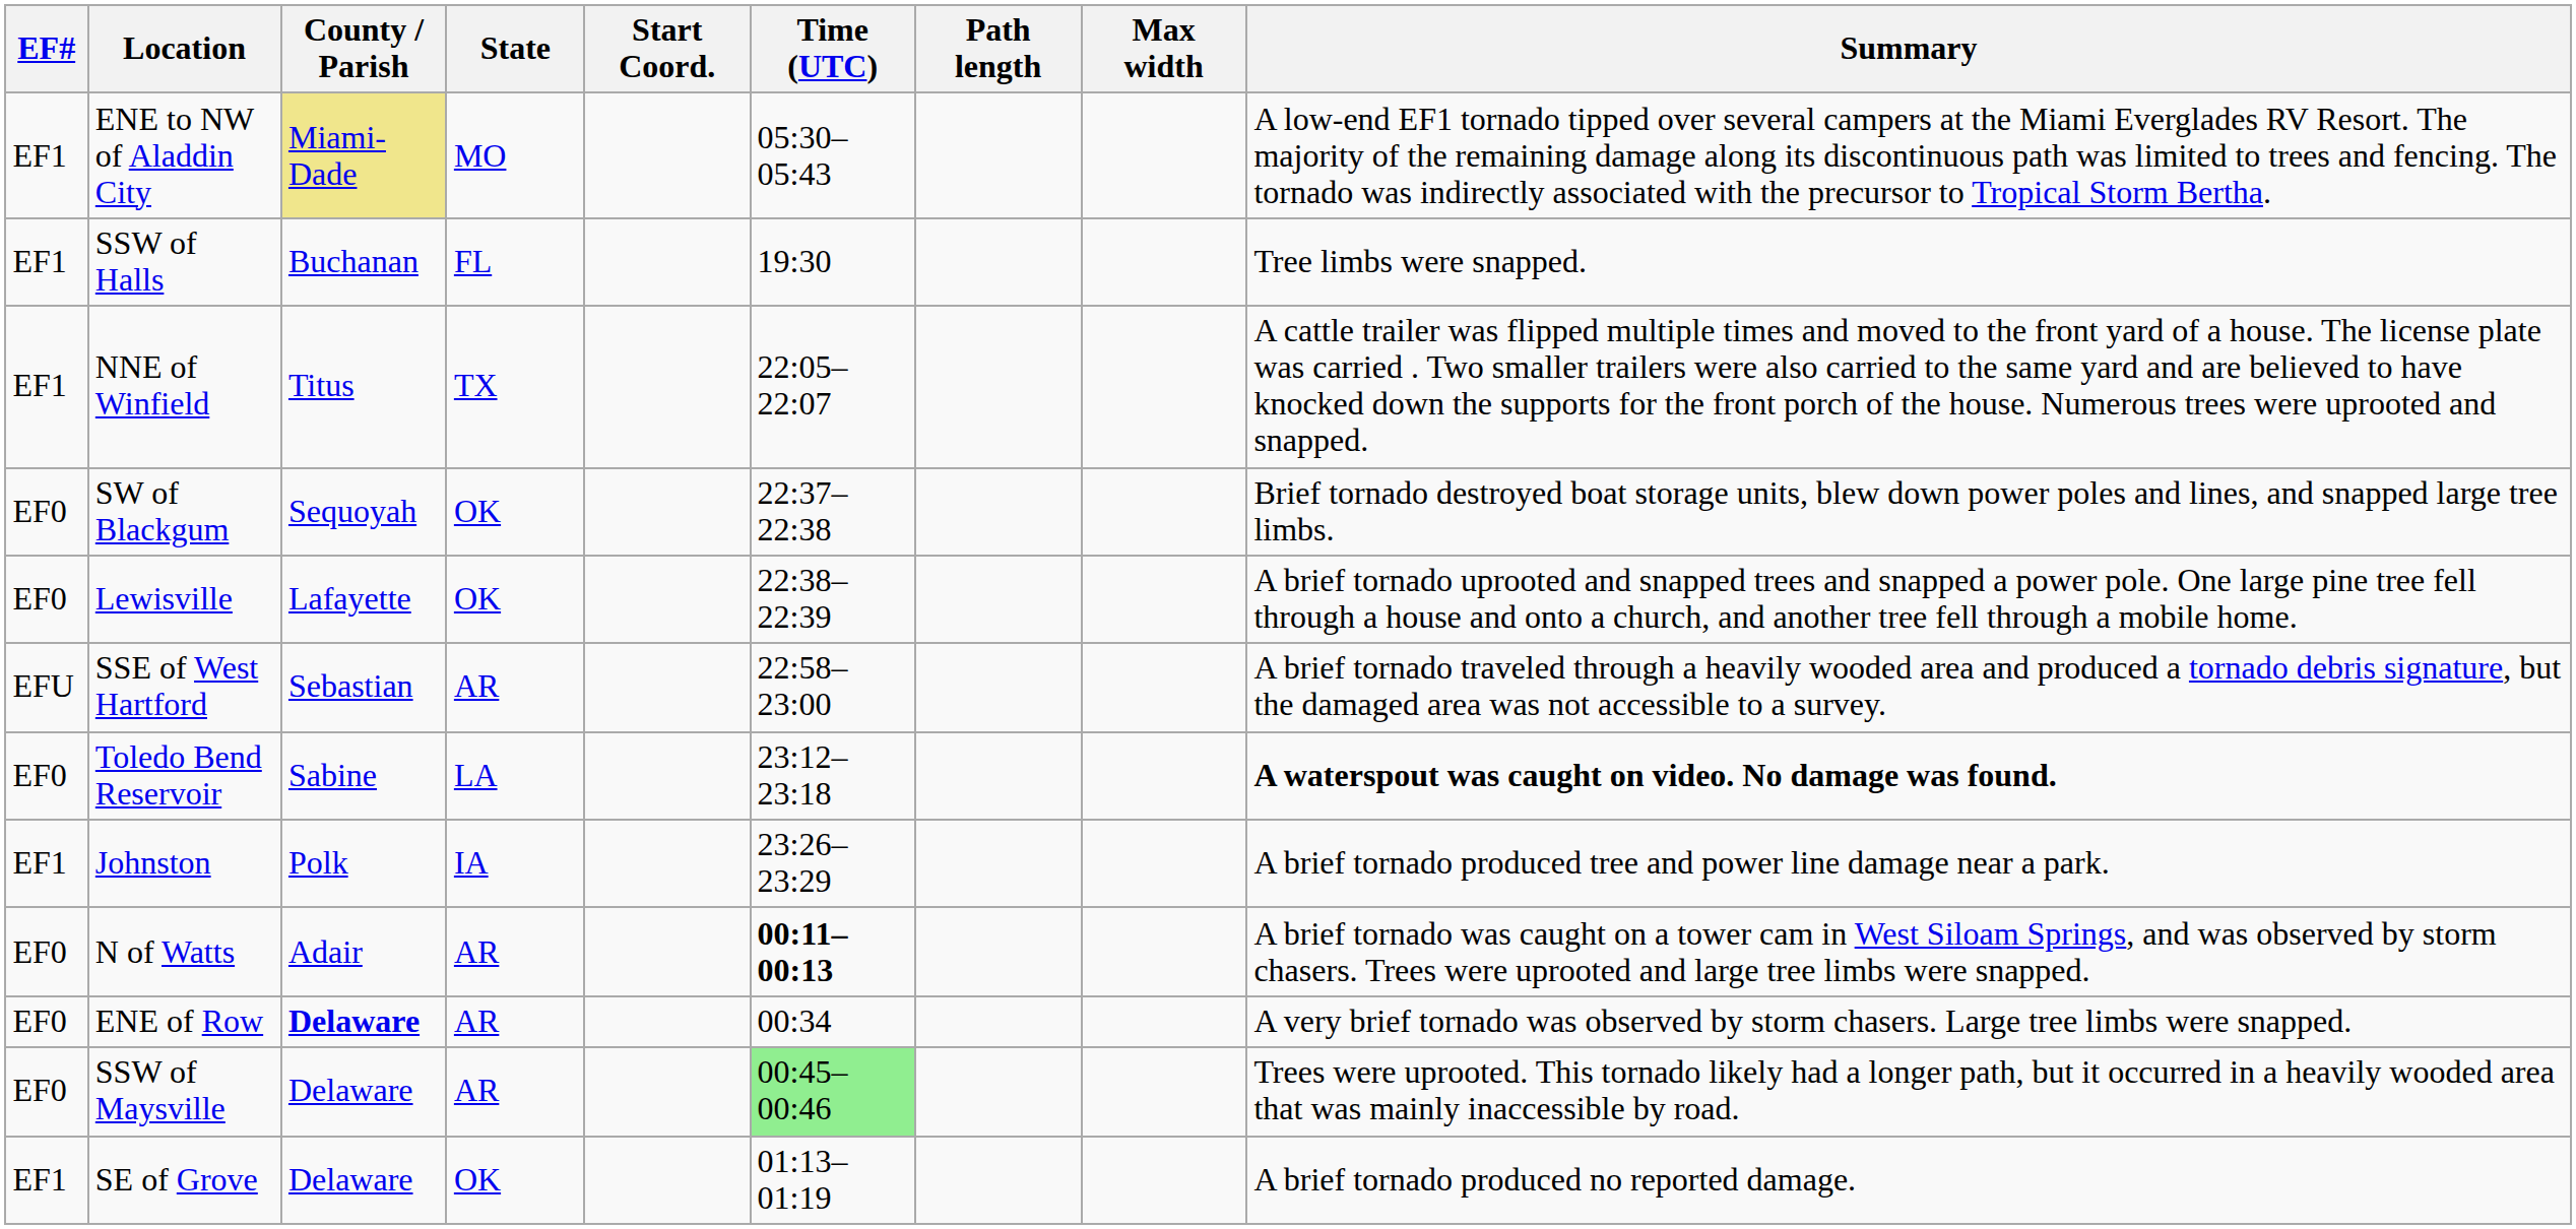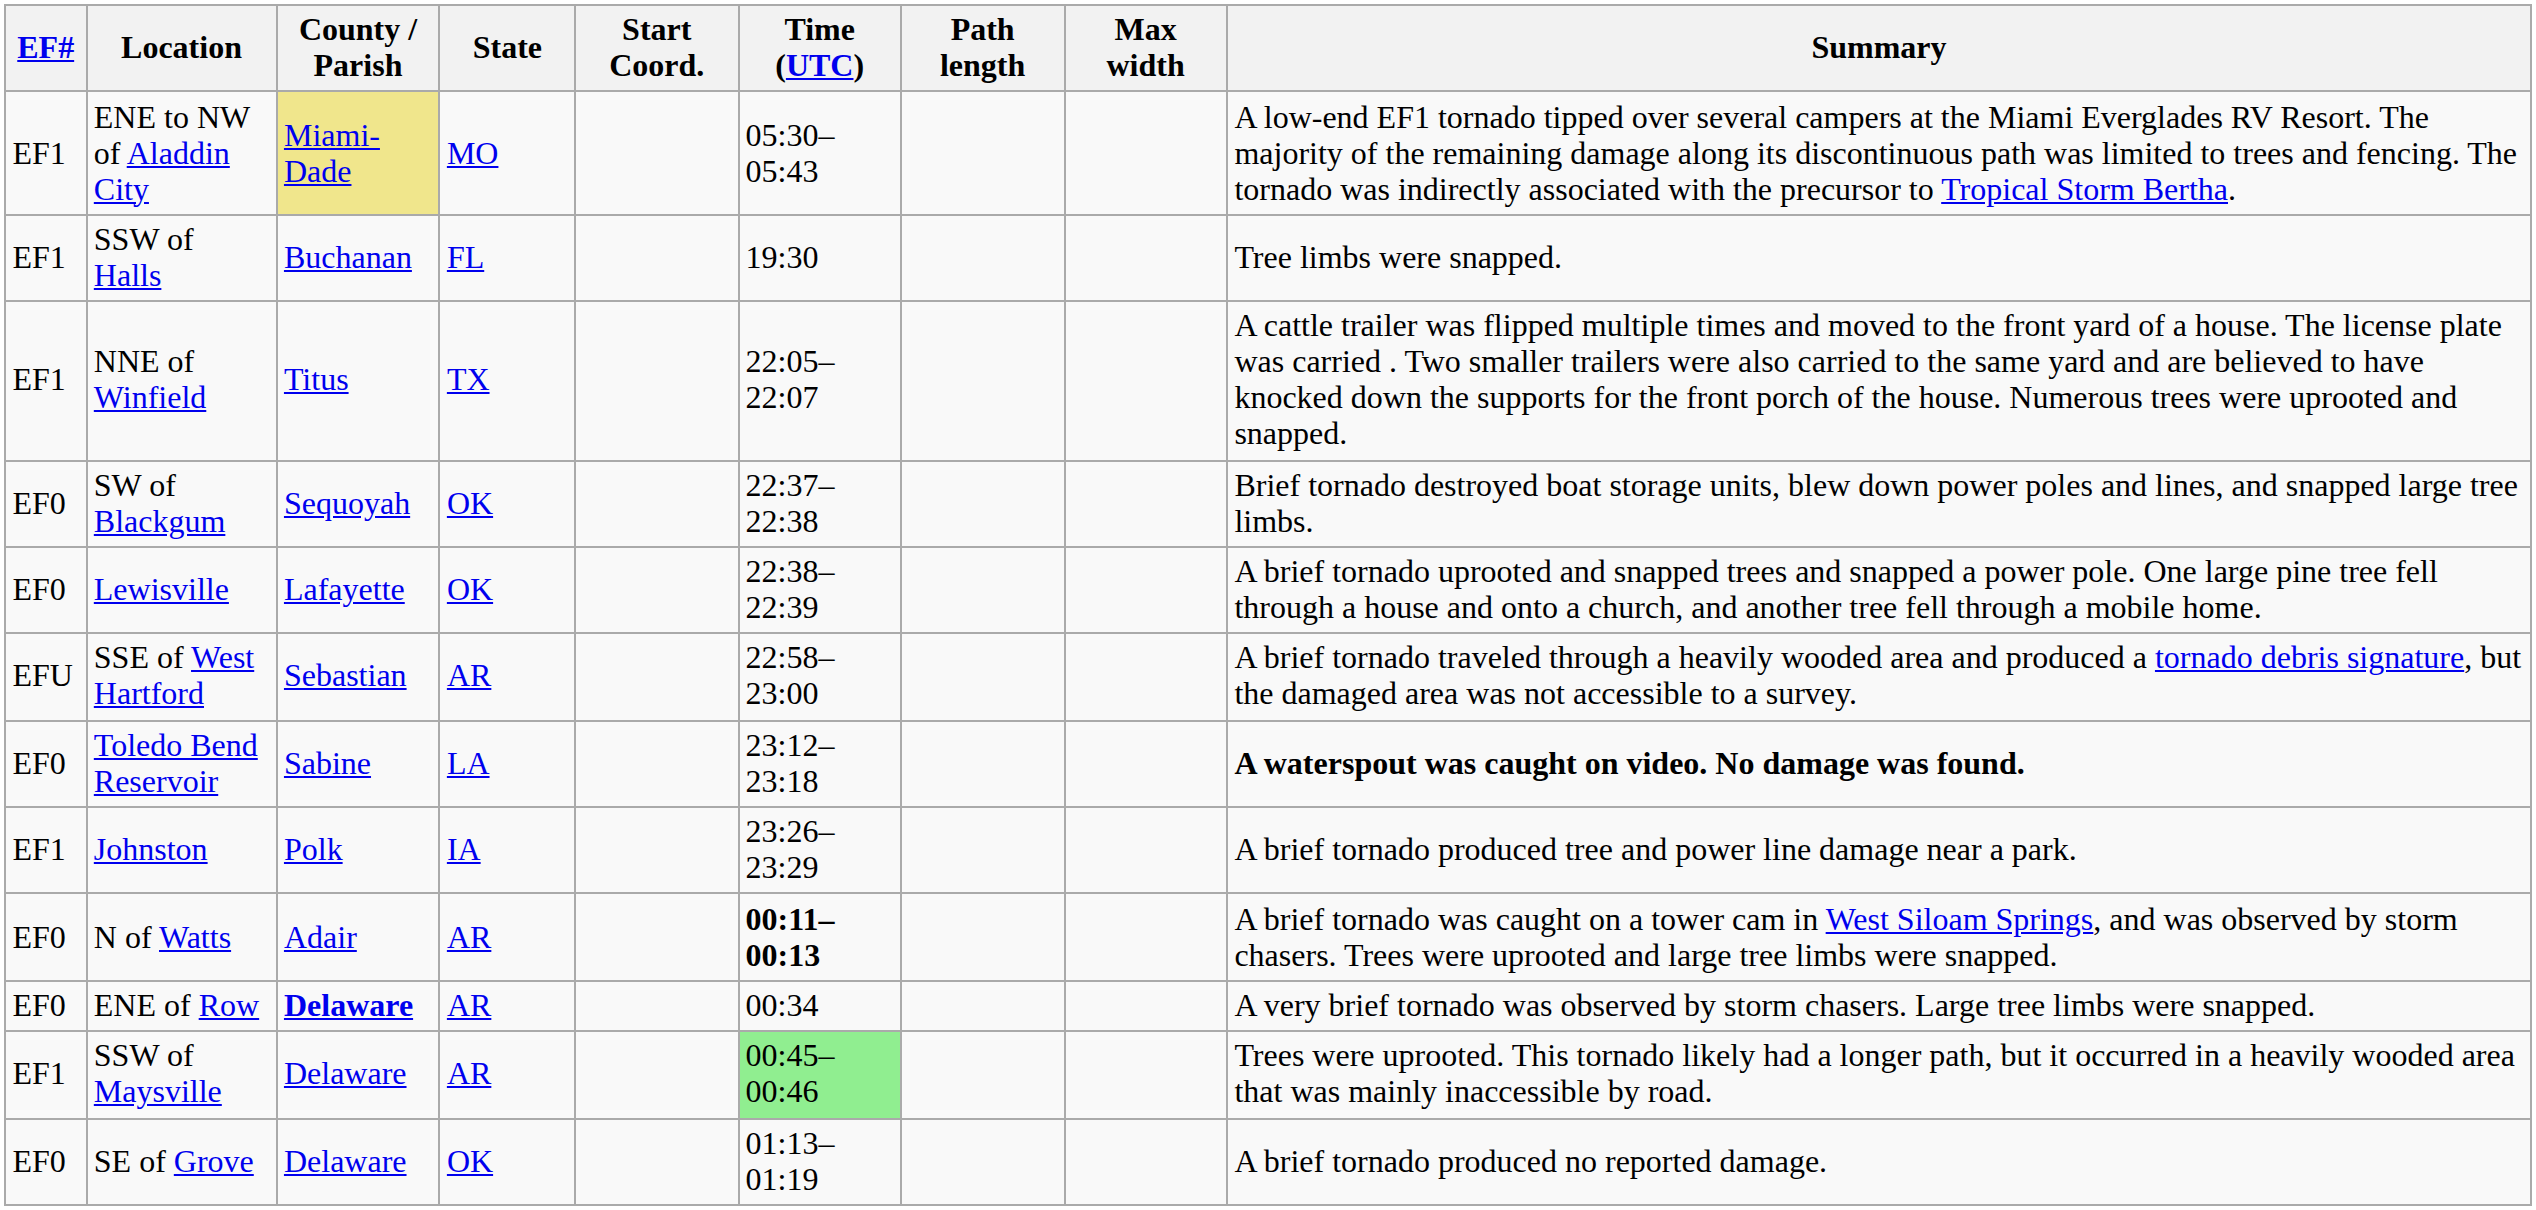 <table class="wikitable sortable" style="width:100%;">
 <tr>
 <th scope="col"  style="width:3%; text-align:center;"><a href='#'>EF#</a></th>
 <th scope="col"  style="width:7%; text-align:center;" class="unsortable">Location</th>
 <th scope="col"  style="width:6%; text-align:center;" class="unsortable">County / Parish</th>
 <th scope="col"  style="width:5%; text-align:center;">State</th>
 <th scope="col"  style="width:6%; text-align:center;">Start Coord.</th>
 <th scope="col"  style="width:6%; text-align:center;">Time (<a href='#'>UTC</a>)</th>
 <th scope="col"  style="width:6%; text-align:center;">Path length</th>
 <th scope="col"  style="width:6%; text-align:center;">Max width</th>
 <th scope="col" class="unsortable" style="width:48%; text-align:center;">Summary</th>
 </tr>
 <tr>
 <td>EF1</td>
 <td>ENE to NW of <a href='#'>Aladdin City</a></td>
 <td style="background: khaki;"><a href='#'>Miami-Dade</a></td>
 <td><a href='#'>MO</a></td>
 <td></td>
 <td>05:30–05:43</td>
 <td></td>
 <td></td>
 <td>A low-end EF1 tornado tipped over several campers at the Miami Everglades RV Resort. The majority of the remaining damage along its discontinuous path was limited to trees and fencing. The tornado was indirectly associated with the precursor to <a href='#'>Tropical Storm Bertha</a>.</td>
 </tr>
 <tr>
 <td>EF1</td>
 <td>SSW of <a href='#'>Halls</a></td>
 <td><a href='#'>Buchanan</a></td>
 <td><a href='#'>FL</a></td>
 <td></td>
 <td>19:30</td>
 <td></td>
 <td></td>
 <td>Tree limbs were snapped.</td>
 </tr>
 <tr>
 <td>EF1</td>
 <td>NNE of <a href='#'>Winfield</a></td>
 <td><a href='#'>Titus</a></td>
 <td><a href='#'>TX</a></td>
 <td></td>
 <td>22:05–22:07</td>
 <td></td>
 <td></td>
 <td>A cattle trailer was flipped multiple times and moved  to the front yard of a house. The license plate was carried . Two smaller trailers were also carried  to the same yard and are believed to have knocked down the supports for the front porch of the house. Numerous trees were uprooted and snapped.</td>
 </tr>
 <tr>
 <td>EF0</td>
 <td>SW of <a href='#'>Blackgum</a></td>
 <td><a href='#'>Sequoyah</a></td>
 <td><a href='#'>OK</a></td>
 <td></td>
 <td>22:37–22:38</td>
 <td></td>
 <td></td>
 <td>Brief tornado destroyed boat storage units, blew down power poles and lines, and snapped large tree limbs.</td>
 </tr>
 <tr>
 <td>EF0</td>
 <td><a href='#'>Lewisville</a></td>
 <td><a href='#'>Lafayette</a></td>
 <td><a href='#'>OK</a></td>
 <td></td>
 <td>22:38–22:39</td>
 <td></td>
 <td></td>
 <td>A brief tornado uprooted and snapped trees and snapped a power pole. One large pine tree fell through a house and onto a church, and another tree fell through a mobile home.</td>
 </tr>
 <tr>
 <td>EFU</td>
 <td>SSE of <a href='#'>West Hartford</a></td>
 <td><a href='#'>Sebastian</a></td>
 <td><a href='#'>AR</a></td>
 <td></td>
 <td>22:58–23:00</td>
 <td></td>
 <td></td>
 <td>A brief tornado traveled through a heavily wooded area and produced a <a href='#'>tornado debris signature</a>, but the damaged area was not accessible to a survey.</td>
 </tr>
 <tr>
 <td>EF0</td>
 <td><a href='#'>Toledo Bend Reservoir</a></td>
 <td><a href='#'>Sabine</a></td>
 <td><a href='#'>LA</a></td>
 <td></td>
 <td>23:12–23:18</td>
 <td></td>
 <td></td>
 <td><strong>A waterspout was caught on video. No damage was found.</strong></td>
 </tr>
 <tr>
 <td>EF1</td>
 <td><a href='#'>Johnston</a></td>
 <td><a href='#'>Polk</a></td>
 <td><a href='#'>IA</a></td>
 <td></td>
 <td>23:26–23:29</td>
 <td></td>
 <td></td>
 <td>A brief tornado produced tree and power line damage near a park.</td>
 </tr>
 <tr>
 <td>EF0</td>
 <td>N of <a href='#'>Watts</a></td>
 <td><a href='#'>Adair</a></td>
 <td><a href='#'>AR</a></td>
 <td></td>
 <td><strong>00:11–00:13</strong></td>
 <td></td>
 <td></td>
 <td>A brief tornado was caught on a tower cam in <a href='#'>West Siloam Springs</a>, and was observed by storm chasers. Trees were uprooted and large tree limbs were snapped.</td>
 </tr>
 <tr>
 <td>EF0</td>
 <td>ENE of <a href='#'>Row</a></td>
 <td><strong><a href='#'>Delaware</a></strong></td>
 <td><a href='#'>AR</a></td>
 <td></td>
 <td>00:34</td>
 <td></td>
 <td></td>
 <td>A very brief tornado was observed by storm chasers. Large tree limbs were snapped.</td>
 </tr>
 <tr>
-<td>EF0</td>
+<td>EF1</td>
 <td>SSW of <a href='#'>Maysville</a></td>
 <td><a href='#'>Delaware</a></td>
 <td><a href='#'>AR</a></td>
 <td></td>
 <td style="background: lightgreen;">00:45–00:46</td>
 <td></td>
 <td></td>
 <td>Trees were uprooted. This tornado likely had a longer path, but it occurred in a heavily wooded area that was mainly inaccessible by road.</td>
 </tr>
 <tr>
-<td>EF1</td>
+<td>EF0</td>
 <td>SE of <a href='#'>Grove</a></td>
 <td><a href='#'>Delaware</a></td>
 <td><a href='#'>OK</a></td>
 <td></td>
 <td>01:13–01:19</td>
 <td></td>
 <td></td>
 <td>A brief tornado produced no reported damage.</td>
 </tr>
 <tr>
 </tr>
 </table>
